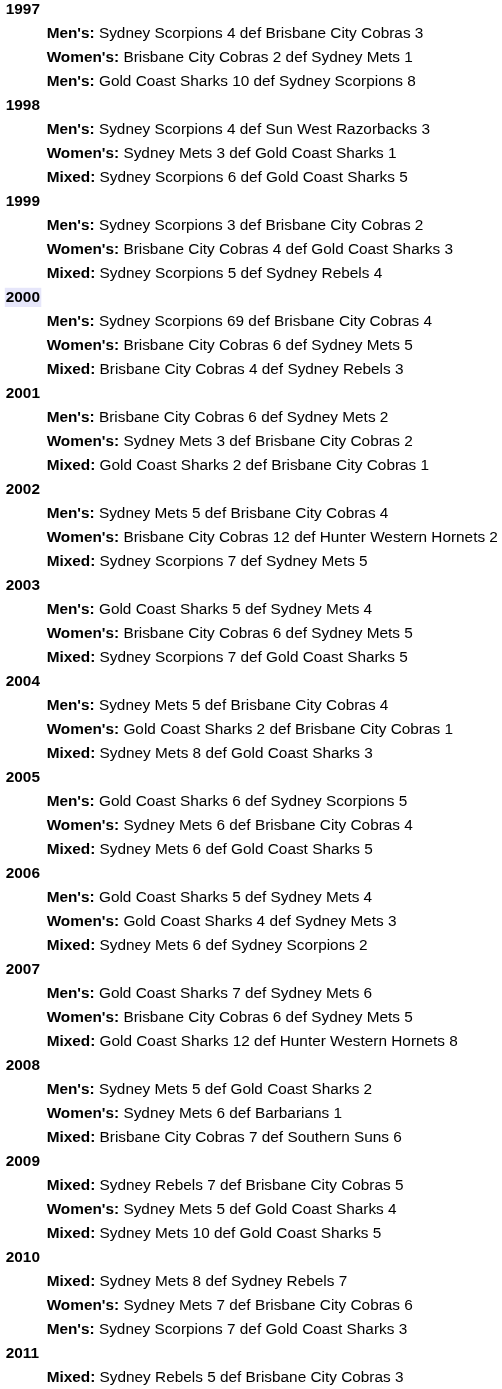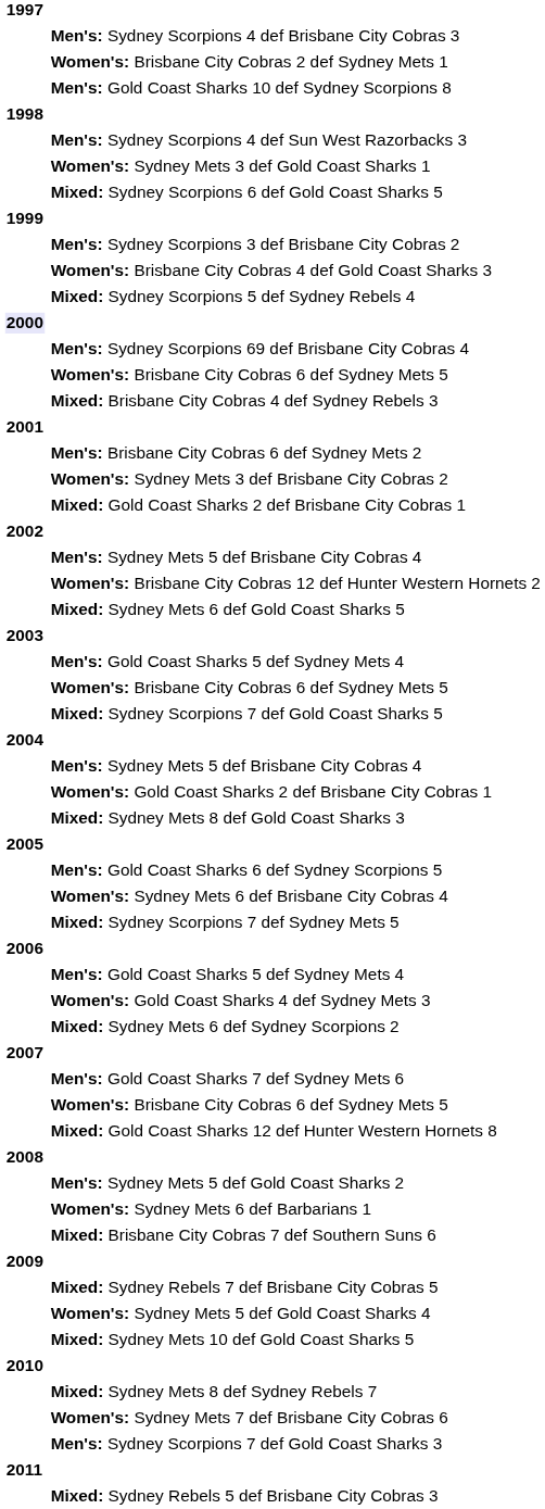 <table cellspacing="5" cellpadding="1">
 <tr>
 <td><strong>1997</strong></td>
 </tr>
 <tr>
 <td></td>
 <td><strong>Men's:</strong> Sydney Scorpions 4 def Brisbane City Cobras 3</td>
 </tr>
 <tr>
 <td></td>
 <td><strong>Women's:</strong> Brisbane City Cobras 2 def Sydney Mets 1</td>
 </tr>
 <tr>
 <td></td>
 <td><strong>Men's:</strong> Gold Coast Sharks 10 def Sydney Scorpions 8</td>
 </tr>
 <tr>
 <td><strong>1998</strong></td>
 </tr>
 <tr>
 <td></td>
 <td><strong>Men's:</strong> Sydney Scorpions 4 def Sun West Razorbacks 3</td>
 </tr>
 <tr>
 <td></td>
 <td><strong>Women's:</strong> Sydney Mets 3 def Gold Coast Sharks 1</td>
 </tr>
 <tr>
 <td></td>
 <td><strong>Mixed:</strong> Sydney Scorpions 6 def Gold Coast Sharks 5</td>
 </tr>
 <tr>
 <td><strong>1999</strong></td>
 </tr>
 <tr>
 <td></td>
 <td><strong>Men's:</strong> Sydney Scorpions 3 def Brisbane City Cobras 2</td>
 </tr>
 <tr>
 <td></td>
 <td><strong>Women's:</strong> Brisbane City Cobras 4 def Gold Coast Sharks 3</td>
 </tr>
 <tr>
 <td></td>
 <td><strong>Mixed:</strong> Sydney Scorpions 5 def Sydney Rebels 4</td>
 </tr>
 <tr>
 <td style="background: lavender;"><strong>2000</strong></td>
 </tr>
 <tr>
 <td></td>
 <td><strong>Men's:</strong> Sydney Scorpions 69 def Brisbane City Cobras 4</td>
 </tr>
 <tr>
 <td></td>
 <td><strong>Women's:</strong> Brisbane City Cobras 6 def Sydney Mets 5</td>
 </tr>
 <tr>
 <td></td>
 <td><strong>Mixed:</strong> Brisbane City Cobras 4 def Sydney Rebels 3</td>
 </tr>
 <tr>
 <td><strong>2001</strong></td>
 </tr>
 <tr>
 <td></td>
 <td><strong>Men's:</strong> Brisbane City Cobras 6 def Sydney Mets 2</td>
 </tr>
 <tr>
 <td></td>
 <td><strong>Women's:</strong> Sydney Mets 3 def Brisbane City Cobras 2</td>
 </tr>
 <tr>
 <td></td>
 <td><strong>Mixed:</strong> Gold Coast Sharks 2 def Brisbane City Cobras 1</td>
 </tr>
 <tr>
 <td><strong>2002</strong></td>
 </tr>
 <tr>
 <td></td>
 <td><strong>Men's:</strong> Sydney Mets 5 def Brisbane City Cobras 4</td>
 </tr>
 <tr>
 <td></td>
 <td><strong>Women's:</strong> Brisbane City Cobras 12 def Hunter Western Hornets 2</td>
 </tr>
 <tr>
 <td></td>
-<td><strong>Mixed:</strong> Sydney Scorpions 7 def Sydney Mets 5</td>
+<td><strong>Mixed:</strong> Sydney Mets 6 def Gold Coast Sharks 5</td>
 </tr>
 <tr>
 <td><strong>2003</strong></td>
 </tr>
 <tr>
 <td></td>
 <td><strong>Men's:</strong> Gold Coast Sharks 5 def Sydney Mets 4</td>
 </tr>
 <tr>
 <td></td>
 <td><strong>Women's:</strong> Brisbane City Cobras 6 def Sydney Mets 5</td>
 </tr>
 <tr>
 <td></td>
 <td><strong>Mixed:</strong> Sydney Scorpions 7 def Gold Coast Sharks 5</td>
 </tr>
 <tr>
 <td><strong>2004</strong></td>
 </tr>
 <tr>
 <td></td>
 <td><strong>Men's:</strong> Sydney Mets 5 def Brisbane City Cobras 4</td>
 </tr>
 <tr>
 <td></td>
 <td><strong>Women's:</strong> Gold Coast Sharks 2 def Brisbane City Cobras 1</td>
 </tr>
 <tr>
 <td></td>
 <td><strong>Mixed:</strong> Sydney Mets 8 def Gold Coast Sharks 3</td>
 </tr>
 <tr>
 <td><strong>2005</strong></td>
 </tr>
 <tr>
 <td></td>
 <td><strong>Men's:</strong> Gold Coast Sharks 6 def Sydney Scorpions 5</td>
 </tr>
 <tr>
 <td></td>
 <td><strong>Women's:</strong> Sydney Mets 6 def Brisbane City Cobras 4</td>
 </tr>
 <tr>
 <td></td>
-<td><strong>Mixed:</strong> Sydney Mets 6 def Gold Coast Sharks 5</td>
+<td><strong>Mixed:</strong> Sydney Scorpions 7 def Sydney Mets 5</td>
 </tr>
 <tr>
 <td><strong>2006</strong></td>
 </tr>
 <tr>
 <td></td>
 <td><strong>Men's:</strong> Gold Coast Sharks 5 def Sydney Mets 4</td>
 </tr>
 <tr>
 <td></td>
 <td><strong>Women's:</strong> Gold Coast Sharks 4 def Sydney Mets 3</td>
 </tr>
 <tr>
 <td></td>
 <td><strong>Mixed:</strong> Sydney Mets 6 def Sydney Scorpions 2</td>
 </tr>
 <tr>
 <td><strong>2007</strong></td>
 </tr>
 <tr>
 <td></td>
 <td><strong>Men's:</strong> Gold Coast Sharks 7 def Sydney Mets 6</td>
 </tr>
 <tr>
 <td></td>
 <td><strong>Women's:</strong> Brisbane City Cobras 6 def Sydney Mets 5</td>
 </tr>
 <tr>
 <td></td>
 <td><strong>Mixed:</strong> Gold Coast Sharks 12 def Hunter Western Hornets 8</td>
 </tr>
 <tr>
 <td><strong>2008</strong></td>
 </tr>
 <tr>
 <td></td>
 <td><strong>Men's:</strong> Sydney Mets 5 def Gold Coast Sharks 2</td>
 </tr>
 <tr>
 <td></td>
 <td><strong>Women's:</strong> Sydney Mets 6 def Barbarians 1</td>
 </tr>
 <tr>
 <td></td>
 <td><strong>Mixed:</strong> Brisbane City Cobras 7 def Southern Suns 6</td>
 </tr>
 <tr>
 <td><strong>2009</strong></td>
 </tr>
 <tr>
 <td></td>
 <td><strong>Mixed:</strong> Sydney Rebels 7 def Brisbane City Cobras 5</td>
 </tr>
 <tr>
 <td></td>
 <td><strong>Women's:</strong> Sydney Mets 5 def Gold Coast Sharks 4</td>
 </tr>
 <tr>
 <td></td>
 <td><strong>Mixed:</strong> Sydney Mets 10 def Gold Coast Sharks 5</td>
 </tr>
 <tr>
 <td><strong>2010</strong></td>
 </tr>
 <tr>
 <td></td>
 <td><strong>Mixed:</strong> Sydney Mets 8 def Sydney Rebels 7</td>
 </tr>
 <tr>
 <td></td>
 <td><strong>Women's:</strong> Sydney Mets 7 def Brisbane City Cobras 6</td>
 </tr>
 <tr>
 <td></td>
 <td><strong>Men's:</strong> Sydney Scorpions 7 def Gold Coast Sharks 3</td>
 </tr>
 <tr>
 <td><strong>2011</strong></td>
 </tr>
 <tr>
 <td></td>
 <td><strong>Mixed:</strong> Sydney Rebels 5 def Brisbane City Cobras 3</td>
 </tr>
 </table>
